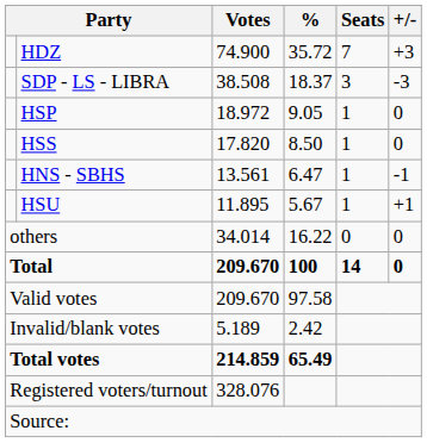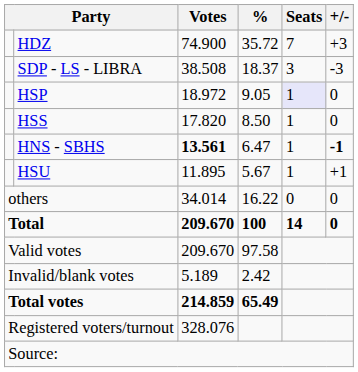 <table class="wikitable" style="text-align: left;">
 <tr>
 <th colspan="2">Party</th>
 <th>Votes</th>
 <th>%</th>
 <th>Seats</th>
 <th>+/-</th>
 </tr>
 <tr>
 <td style="background-color: "></td>
 <td><a href='#'>HDZ</a></td>
 <td>74.900</td>
 <td>35.72</td>
 <td>7</td>
 <td>+3</td>
 </tr>
 <tr>
 <td style="background-color: "></td>
 <td><a href='#'>SDP</a> - <a href='#'>LS</a> - LIBRA</td>
 <td>38.508</td>
 <td>18.37</td>
 <td>3</td>
 <td>-3</td>
 </tr>
 <tr>
 <td style="background-color: "></td>
 <td><a href='#'>HSP</a></td>
 <td>18.972</td>
 <td>9.05</td>
-<td>1</td>
+<td style="background: lavender;">1</td>
 <td>0</td>
 </tr>
 <tr>
 <td style="background-color: "></td>
 <td><a href='#'>HSS</a></td>
 <td>17.820</td>
 <td>8.50</td>
 <td>1</td>
 <td>0</td>
 </tr>
 <tr>
 <td style="background-color: "></td>
 <td><a href='#'>HNS</a> - <a href='#'>SBHS</a></td>
-<td>13.561</td>
+<td><strong>13.561</strong></td>
 <td>6.47</td>
 <td>1</td>
-<td>-1</td>
+<td><strong>-1</strong></td>
 </tr>
 <tr>
 <td style="background-color: "></td>
 <td><a href='#'>HSU</a></td>
 <td>11.895</td>
 <td>5.67</td>
 <td>1</td>
 <td>+1</td>
 </tr>
 <tr>
 <td colspan="2">others</td>
 <td>34.014</td>
 <td>16.22</td>
 <td>0</td>
 <td>0</td>
 </tr>
 <tr>
 <td colspan="2"><strong>Total</strong></td>
 <td><strong>209.670</strong></td>
 <td><strong>100</strong></td>
 <td><strong>14</strong></td>
 <td><strong>0</strong></td>
 </tr>
 <tr>
 <td colspan="2">Valid votes</td>
 <td>209.670</td>
 <td>97.58</td>
 <td colspan="2"></td>
 </tr>
 <tr>
 <td colspan="2">Invalid/blank votes</td>
 <td>5.189</td>
 <td>2.42</td>
 <td colspan="2"></td>
 </tr>
 <tr>
 <td colspan="2"><strong>Total votes</strong></td>
 <td><strong>214.859</strong></td>
 <td><strong>65.49</strong></td>
 <td colspan="2"></td>
 </tr>
 <tr>
 <td colspan="2">Registered voters/turnout</td>
 <td votes14="5343">328.076</td>
 <td></td>
 <td colspan="2"></td>
 </tr>
 <tr>
 <td colspan="6">Source: </td>
 </tr>
 </table>
